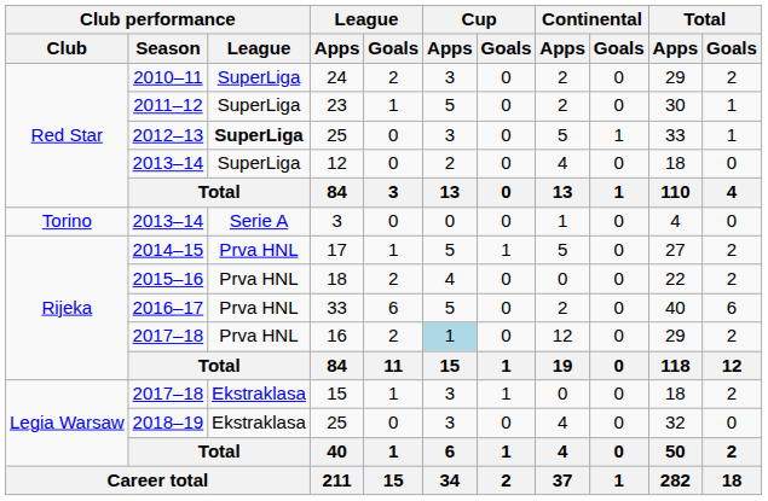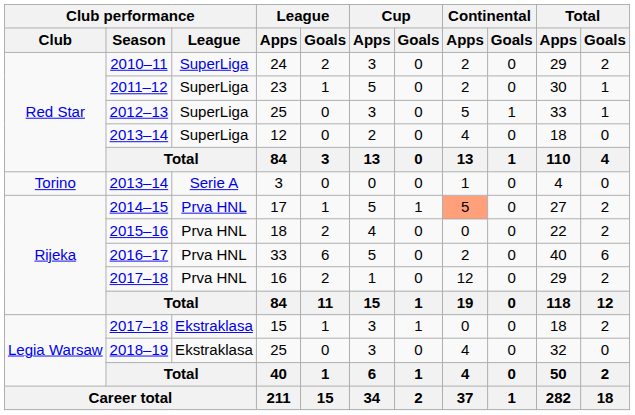 <table class="wikitable" style="text-align:center">
 <tr>
 <th colspan=3>Club performance</th>
 <th colspan=2>League</th>
 <th colspan=2>Cup</th>
 <th colspan=2>Continental</th>
 <th colspan=2>Total</th>
 </tr>
 <tr>
 <th>Club</th>
 <th>Season</th>
 <th>League</th>
 <th>Apps</th>
 <th>Goals</th>
 <th>Apps</th>
 <th>Goals</th>
 <th>Apps</th>
 <th>Goals</th>
 <th>Apps</th>
 <th>Goals</th>
 </tr>
 <tr>
 <td rowspan="5"><a href='#'>Red Star</a></td>
 <td><a href='#'>2010–11</a></td>
 <td><a href='#'>SuperLiga</a></td>
 <td>24</td>
 <td>2</td>
 <td>3</td>
 <td>0</td>
 <td>2</td>
 <td>0</td>
 <td>29</td>
 <td>2</td>
 </tr>
 <tr>
 <td><a href='#'>2011–12</a></td>
 <td>SuperLiga</td>
 <td>23</td>
 <td>1</td>
 <td>5</td>
 <td>0</td>
 <td>2</td>
 <td>0</td>
 <td>30</td>
 <td>1</td>
 </tr>
 <tr>
 <td><a href='#'>2012–13</a></td>
-<td><strong>SuperLiga</strong></td>
+<td>SuperLiga</td>
 <td>25</td>
 <td>0</td>
 <td>3</td>
 <td>0</td>
 <td>5</td>
 <td>1</td>
 <td>33</td>
 <td>1</td>
 </tr>
 <tr>
 <td><a href='#'>2013–14</a></td>
 <td>SuperLiga</td>
 <td>12</td>
 <td>0</td>
 <td>2</td>
 <td>0</td>
 <td>4</td>
 <td>0</td>
 <td>18</td>
 <td>0</td>
 </tr>
 <tr>
 <th colspan=2>Total</th>
 <th>84</th>
 <th>3</th>
 <th>13</th>
 <th>0</th>
 <th>13</th>
 <th>1</th>
 <th>110</th>
 <th>4</th>
 </tr>
 <tr>
 <td><a href='#'>Torino</a></td>
 <td><a href='#'>2013–14</a></td>
 <td><a href='#'>Serie A</a></td>
 <td>3</td>
 <td>0</td>
 <td>0</td>
 <td>0</td>
 <td>1</td>
 <td>0</td>
 <td>4</td>
 <td>0</td>
 </tr>
 <tr>
 <td rowspan="5"><a href='#'>Rijeka</a></td>
 <td><a href='#'>2014–15</a></td>
 <td><a href='#'>Prva HNL</a></td>
 <td>17</td>
 <td>1</td>
 <td>5</td>
 <td>1</td>
-<td>5</td>
+<td style="background: lightsalmon;">5</td>
 <td>0</td>
 <td>27</td>
 <td>2</td>
 </tr>
 <tr>
 <td><a href='#'>2015–16</a></td>
 <td>Prva HNL</td>
 <td>18</td>
 <td>2</td>
 <td>4</td>
 <td>0</td>
 <td>0</td>
 <td>0</td>
 <td>22</td>
 <td>2</td>
 </tr>
 <tr>
 <td><a href='#'>2016–17</a></td>
 <td>Prva HNL</td>
 <td>33</td>
 <td>6</td>
 <td>5</td>
 <td>0</td>
 <td>2</td>
 <td>0</td>
 <td>40</td>
 <td>6</td>
 </tr>
 <tr>
 <td><a href='#'>2017–18</a></td>
 <td>Prva HNL</td>
 <td>16</td>
 <td>2</td>
-<td style="background: lightblue;">1</td>
+<td>1</td>
 <td>0</td>
 <td>12</td>
 <td>0</td>
 <td>29</td>
 <td>2</td>
 </tr>
 <tr>
 <th colspan=2>Total</th>
 <th>84</th>
 <th>11</th>
 <th>15</th>
 <th>1</th>
 <th>19</th>
 <th>0</th>
 <th>118</th>
 <th>12</th>
 </tr>
 <tr>
 <td rowspan="3"><a href='#'>Legia Warsaw</a></td>
 <td><a href='#'>2017–18</a></td>
 <td><a href='#'>Ekstraklasa</a></td>
 <td>15</td>
 <td>1</td>
 <td>3</td>
 <td>1</td>
 <td>0</td>
 <td>0</td>
 <td>18</td>
 <td>2</td>
 </tr>
 <tr>
 <td><a href='#'>2018–19</a></td>
 <td>Ekstraklasa</td>
 <td>25</td>
 <td>0</td>
 <td>3</td>
 <td>0</td>
 <td>4</td>
 <td>0</td>
 <td>32</td>
 <td>0</td>
 </tr>
 <tr>
 <th colspan=2>Total</th>
 <th>40</th>
 <th>1</th>
 <th>6</th>
 <th>1</th>
 <th>4</th>
 <th>0</th>
 <th>50</th>
 <th>2</th>
 </tr>
 <tr>
 <th colspan=3>Career total</th>
 <th>211</th>
 <th>15</th>
 <th>34</th>
 <th>2</th>
 <th>37</th>
 <th>1</th>
 <th>282</th>
 <th>18</th>
 </tr>
 </table>
